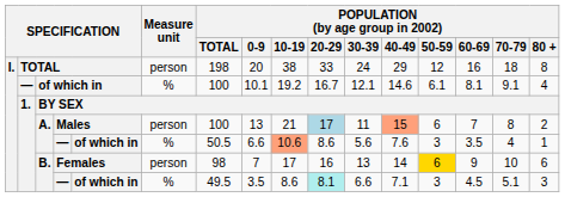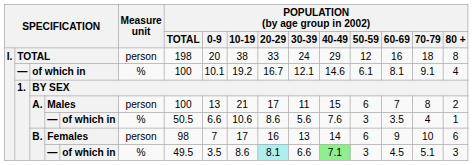 <table class="wikitable" style="font-size:85%; text-align:center">
 <tr>
 <th rowspan="2" colspan="5">SPECIFICATION</th>
 <th rowspan="2">Measure<br> unit</th>
 <th colspan="10" rowspan="1">POPULATION<br> (by age group in 2002)</th>
 </tr>
 <tr>
 <th>TOTAL</th>
 <th>0-9</th>
 <th>10-19</th>
 <th>20-29</th>
 <th>30-39</th>
 <th>40-49</th>
 <th>50-59</th>
 <th>60-69</th>
 <th>70-79</th>
 <th>80 +</th>
 </tr>
 <tr>
 <th style="text-align:left" valign="top" rowspan="7">I.</th>
 <th style="text-align:left" colspan="4">TOTAL</th>
 <td>person</td>
 <td>198</td>
 <td>20</td>
 <td>38</td>
 <td>33</td>
 <td>24</td>
 <td>29</td>
 <td>12</td>
 <td>16</td>
 <td>18</td>
 <td>8</td>
 </tr>
 <tr>
 <th style="text-align:left" valign="top">—</th>
 <th style="text-align:left" colspan="3">of which in</th>
 <td>%</td>
 <td>100</td>
 <td>10.1</td>
 <td>19.2</td>
 <td>16.7</td>
 <td>12.1</td>
 <td>14.6</td>
 <td>6.1</td>
 <td>8.1</td>
 <td>9.1</td>
 <td>4</td>
 </tr>
 <tr>
 <th style="text-align:left" valign="top" rowspan="5">1.</th>
 <th style="text-align:left" colspan="14">BY SEX</th>
 </tr>
 <tr>
 <th style="text-align:left" valign="top" rowspan="2">A.</th>
 <th style="text-align:left" colspan="2">Males</th>
 <td>person</td>
 <td>100</td>
 <td>13</td>
 <td>21</td>
-<td style="background: lightblue;">17</td>
+<td>17</td>
 <td>11</td>
-<td style="background: lightsalmon;">15</td>
+<td>15</td>
 <td>6</td>
 <td>7</td>
 <td>8</td>
 <td>2</td>
 </tr>
 <tr>
 <th style="text-align:left" valign="top">—</th>
 <th style="text-align:left" colspan="1">of which in</th>
 <td>%</td>
 <td>50.5</td>
 <td>6.6</td>
-<td style="background: lightsalmon;">10.6</td>
+<td>10.6</td>
 <td>8.6</td>
 <td>5.6</td>
 <td>7.6</td>
 <td>3</td>
 <td>3.5</td>
 <td>4</td>
 <td>1</td>
 </tr>
 <tr>
 <th style="text-align:left" valign="top" rowspan="2">B.</th>
 <th style="text-align:left" colspan="2">Females</th>
 <td>person</td>
 <td>98</td>
 <td>7</td>
 <td>17</td>
 <td>16</td>
 <td>13</td>
 <td>14</td>
-<td style="background: gold;">6</td>
+<td>6</td>
 <td>9</td>
 <td>10</td>
 <td>6</td>
 </tr>
 <tr>
 <th style="text-align:left" valign="top">—</th>
 <th style="text-align:left" colspan="1">of which in</th>
 <td>%</td>
 <td>49.5</td>
 <td>3.5</td>
 <td>8.6</td>
 <td style="background: paleturquoise;">8.1</td>
 <td>6.6</td>
-<td>7.1</td>
+<td style="background: lightgreen;">7.1</td>
 <td>3</td>
 <td>4.5</td>
 <td>5.1</td>
 <td>3</td>
 </tr>
 </table>
